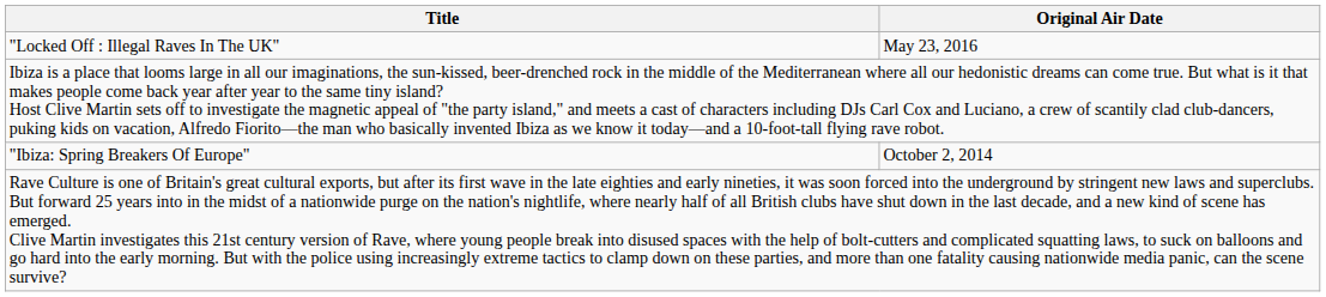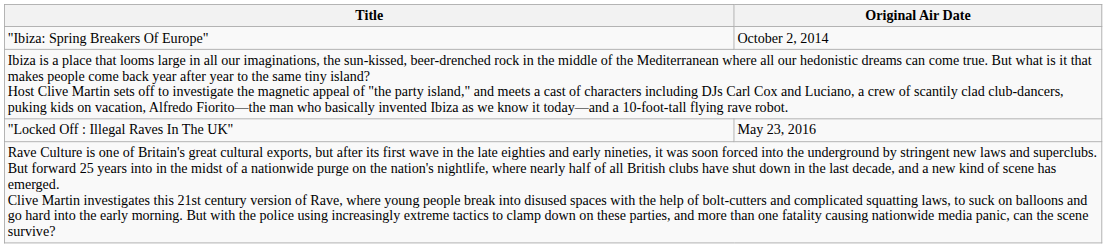 <table class="wikitable">
 <tr>
 <th>Title</th>
 <th>Original Air Date</th>
 </tr>
 <tr>
-<td>"Locked Off : Illegal Raves In The UK"</td>
-<td>May 23, 2016</td>
+<td>"Ibiza: Spring Breakers Of Europe"</td>
+<td>October 2, 2014</td>
 </tr>
 <tr>
 <td colspan="2">Ibiza is a place that looms large in all our imaginations, the sun-kissed, beer-drenched rock in the middle of the Mediterranean where all our hedonistic dreams can come true. But what is it that makes people come back year after year to the same tiny island?<br>Host Clive Martin sets off to investigate the magnetic appeal of "the party island," and meets a cast of characters including DJs Carl Cox and Luciano, a crew of scantily clad club-dancers, puking kids on vacation, Alfredo Fiorito—the man who basically invented Ibiza as we know it today—and a 10-foot-tall flying rave robot.</td>
 </tr>
 <tr>
-<td>"Ibiza: Spring Breakers Of Europe"</td>
-<td>October 2, 2014</td>
+<td>"Locked Off : Illegal Raves In The UK"</td>
+<td>May 23, 2016</td>
 </tr>
 <tr>
 <td colspan="2">Rave Culture is one of Britain's great cultural exports, but after its first wave in the late eighties and early nineties, it was soon forced into the underground by stringent new laws and superclubs. But forward 25 years into in the midst of a nationwide purge on the nation's nightlife, where nearly half of all British clubs have shut down in the last decade, and a new kind of scene has emerged.<br>Clive Martin investigates this 21st century version of Rave, where young people break into disused spaces with the help of bolt-cutters and complicated squatting laws, to suck on balloons and go hard into the early morning. But with the police using increasingly extreme tactics to clamp down on these parties, and more than one fatality causing nationwide media panic, can the scene survive?</td>
 </tr>
 </table>
